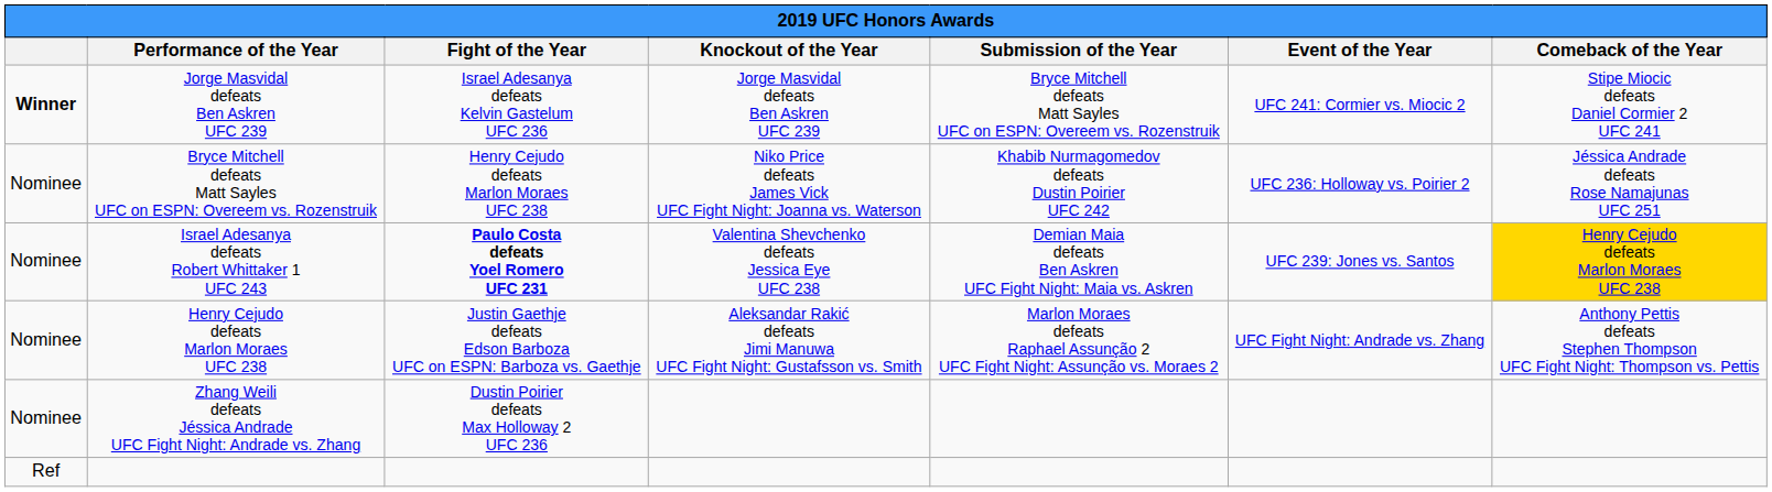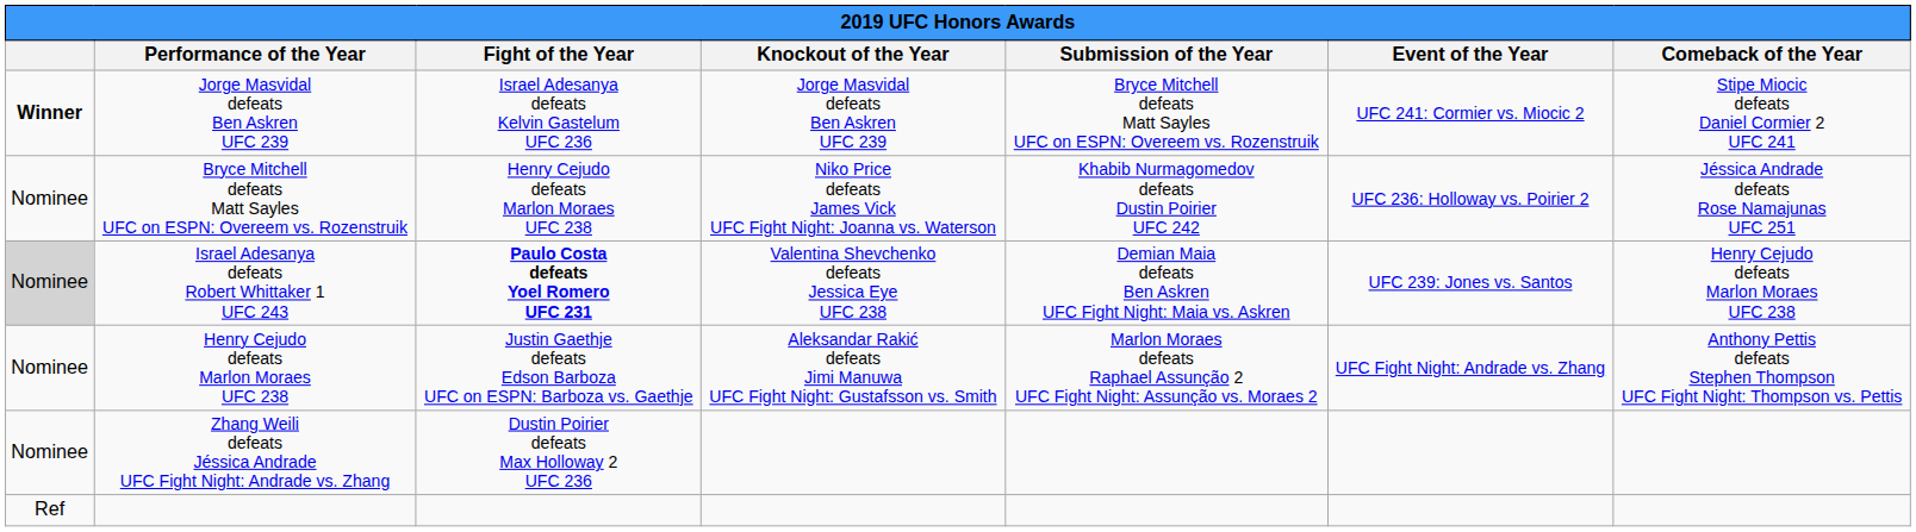 <table class="wikitable" width="100%" style="text-align:Center">
 <tr>
 <th colspan="8" style="border: 1px solid black; padding: 5px; background: #3B99FA;">2019 UFC Honors Awards</th>
 </tr>
 <tr>
 <th></th>
 <th>Performance of the Year</th>
 <th>Fight of the Year</th>
 <th>Knockout of the Year</th>
 <th>Submission of the Year</th>
 <th>Event of the Year</th>
 <th>Comeback of the Year</th>
 </tr>
 <tr>
 <td><strong>Winner</strong></td>
 <td style="font-size:87%"><a href='#'>Jorge Masvidal</a> <br> defeats <br> <a href='#'>Ben Askren</a> <br> <a href='#'>UFC 239</a></td>
 <td style="font-size:87%"><a href='#'>Israel Adesanya</a> <br> defeats <br> <a href='#'>Kelvin Gastelum</a> <br> <a href='#'>UFC 236</a></td>
 <td style="font-size:87%"><a href='#'>Jorge Masvidal</a> <br> defeats <br> <a href='#'>Ben Askren</a> <br> <a href='#'>UFC 239</a></td>
 <td style="font-size:87%"><a href='#'>Bryce Mitchell</a> <br> defeats <br> Matt Sayles <br> <a href='#'>UFC on ESPN: Overeem vs. Rozenstruik</a></td>
 <td style="font-size:87%"><a href='#'>UFC 241: Cormier vs. Miocic 2</a></td>
 <td style="font-size:87%"><a href='#'>Stipe Miocic</a> <br> defeats <br> <a href='#'>Daniel Cormier</a> 2 <br> <a href='#'>UFC 241</a></td>
 </tr>
 <tr>
 <td>Nominee</td>
 <td style="font-size:87%"><a href='#'>Bryce Mitchell</a> <br> defeats <br> Matt Sayles <br> <a href='#'>UFC on ESPN: Overeem vs. Rozenstruik</a></td>
 <td style="font-size:87%"><a href='#'>Henry Cejudo</a> <br> defeats <br> <a href='#'>Marlon Moraes</a> <br> <a href='#'>UFC 238</a></td>
 <td style="font-size:87%"><a href='#'>Niko Price</a> <br> defeats <br> <a href='#'>James Vick</a> <br> <a href='#'>UFC Fight Night: Joanna vs. Waterson</a></td>
 <td style="font-size:87%"><a href='#'>Khabib Nurmagomedov</a> <br> defeats <br> <a href='#'>Dustin Poirier</a> <br> <a href='#'>UFC 242</a></td>
 <td style="font-size:87%"><a href='#'>UFC 236: Holloway vs. Poirier 2</a></td>
 <td style="font-size:87%"><a href='#'>Jéssica Andrade</a> <br> defeats <br> <a href='#'>Rose Namajunas</a> <br> <a href='#'>UFC 251</a></td>
 </tr>
 <tr>
-<td>Nominee</td>
+<td style="background: lightgrey;">Nominee</td>
 <td style="font-size:87%"><a href='#'>Israel Adesanya</a> <br> defeats <br> <a href='#'>Robert Whittaker</a> 1 <br> <a href='#'>UFC 243</a></td>
 <td style="font-size:87%"><strong><a href='#'>Paulo Costa</a> <br> defeats <br> <a href='#'>Yoel Romero</a> <br> <a href='#'>UFC 231</a></strong></td>
 <td style="font-size:87%"><a href='#'>Valentina Shevchenko</a> <br> defeats <br> <a href='#'>Jessica Eye</a> <br> <a href='#'>UFC 238</a></td>
 <td style="font-size:87%"><a href='#'>Demian Maia</a> <br> defeats <br> <a href='#'>Ben Askren</a> <br> <a href='#'>UFC Fight Night: Maia vs. Askren</a></td>
 <td style="font-size:87%"><a href='#'>UFC 239: Jones vs. Santos</a></td>
-<td style="background: gold; font-size:87%"><a href='#'>Henry Cejudo</a> <br> defeats <br> <a href='#'>Marlon Moraes</a> <br> <a href='#'>UFC 238</a></td>
+<td style="font-size:87%"><a href='#'>Henry Cejudo</a> <br> defeats <br> <a href='#'>Marlon Moraes</a> <br> <a href='#'>UFC 238</a></td>
 </tr>
 <tr>
 <td>Nominee</td>
 <td style="font-size:87%"><a href='#'>Henry Cejudo</a> <br> defeats <br> <a href='#'>Marlon Moraes</a> <br> <a href='#'>UFC 238</a></td>
 <td style="font-size:87%"><a href='#'>Justin Gaethje</a> <br> defeats <br> <a href='#'>Edson Barboza</a> <br> <a href='#'>UFC on ESPN: Barboza vs. Gaethje</a></td>
 <td style="font-size:87%"><a href='#'>Aleksandar Rakić</a> <br> defeats <br> <a href='#'>Jimi Manuwa</a> <br> <a href='#'>UFC Fight Night: Gustafsson vs. Smith</a></td>
 <td style="font-size:87%"><a href='#'>Marlon Moraes</a> <br> defeats <br> <a href='#'>Raphael Assunção</a> 2 <br> <a href='#'>UFC Fight Night: Assunção vs. Moraes 2</a></td>
 <td style="font-size:87%"><a href='#'>UFC Fight Night: Andrade vs. Zhang</a></td>
 <td style="font-size:87%"><a href='#'>Anthony Pettis</a> <br> defeats <br> <a href='#'>Stephen Thompson</a> <br> <a href='#'>UFC Fight Night: Thompson vs. Pettis</a></td>
 </tr>
 <tr>
 <td>Nominee</td>
 <td style="font-size:87%"><a href='#'>Zhang Weili</a> <br> defeats <br> <a href='#'>Jéssica Andrade</a> <br> <a href='#'>UFC Fight Night: Andrade vs. Zhang</a></td>
 <td style="font-size:87%"><a href='#'>Dustin Poirier</a> <br> defeats <br> <a href='#'>Max Holloway</a> 2 <br> <a href='#'>UFC 236</a></td>
 <td></td>
 <td></td>
 <td></td>
 <td></td>
 </tr>
 <tr>
 <td>Ref</td>
 <td></td>
 <td></td>
 <td></td>
 <td></td>
 <td></td>
 <td></td>
 </tr>
 </table>
